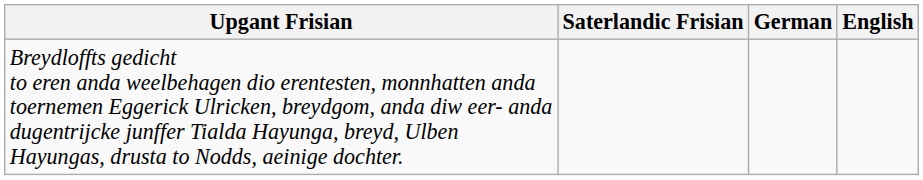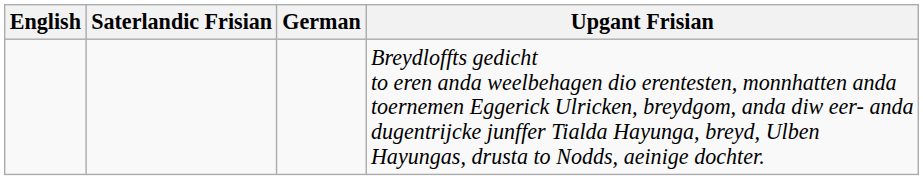 <table class="wikitable">
 <tr>
-<th>Upgant Frisian</th>
+<th>English</th>
 <th>Saterlandic Frisian</th>
 <th>German</th>
-<th>English</th>
+<th>Upgant Frisian</th>
 </tr>
 <tr>
-<td><em>Breydloffts gedicht<br>to eren anda weelbehagen dio erentesten, monnhatten anda<br>toernemen Eggerick Ulricken, breydgom, anda diw eer- anda<br>dugentrijcke junffer Tialda Hayunga, breyd, Ulben<br>Hayungas, drusta to Nodds, aeinige dochter.</em></td>
 <td></td>
 <td></td>
 <td></td>
+<td><em>Breydloffts gedicht<br>to eren anda weelbehagen dio erentesten, monnhatten anda<br>toernemen Eggerick Ulricken, breydgom, anda diw eer- anda<br>dugentrijcke junffer Tialda Hayunga, breyd, Ulben<br>Hayungas, drusta to Nodds, aeinige dochter.</em></td>
 </tr>
 </table>
